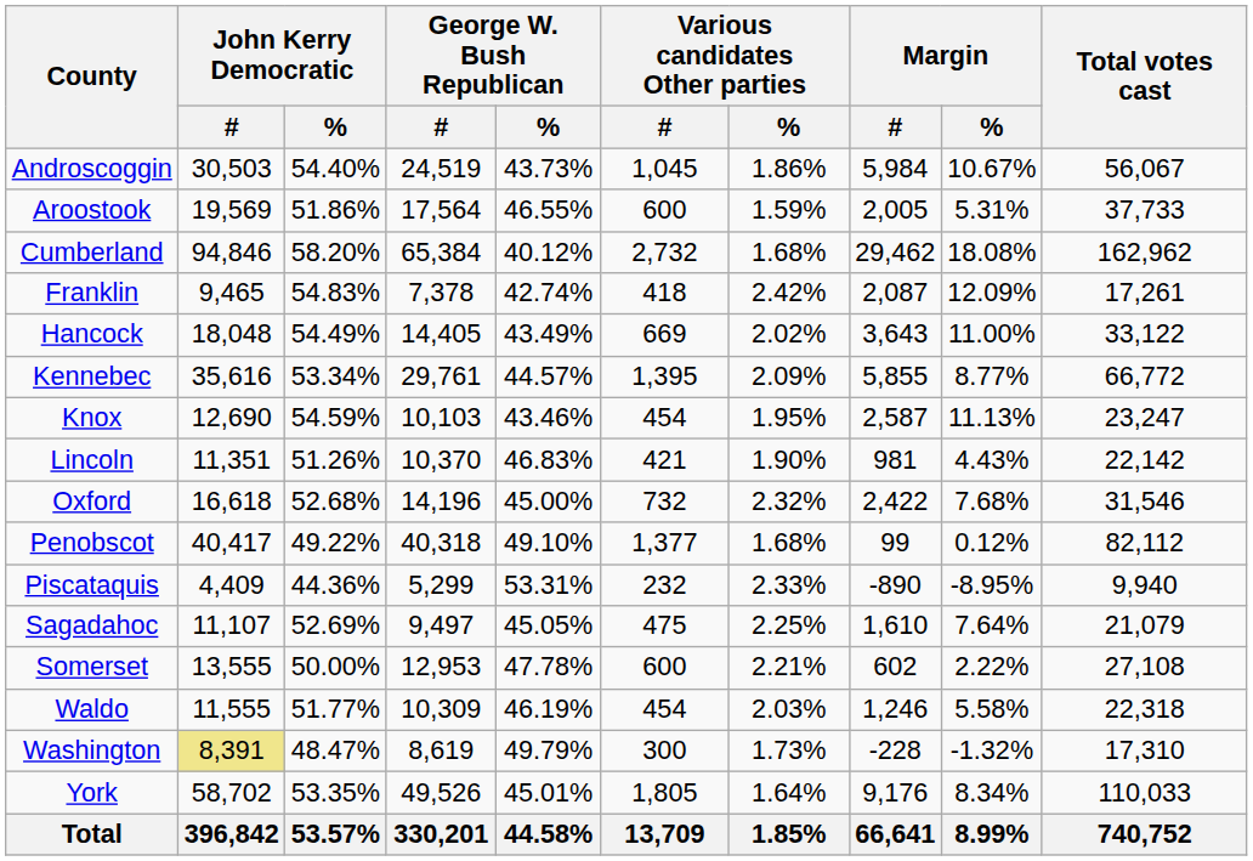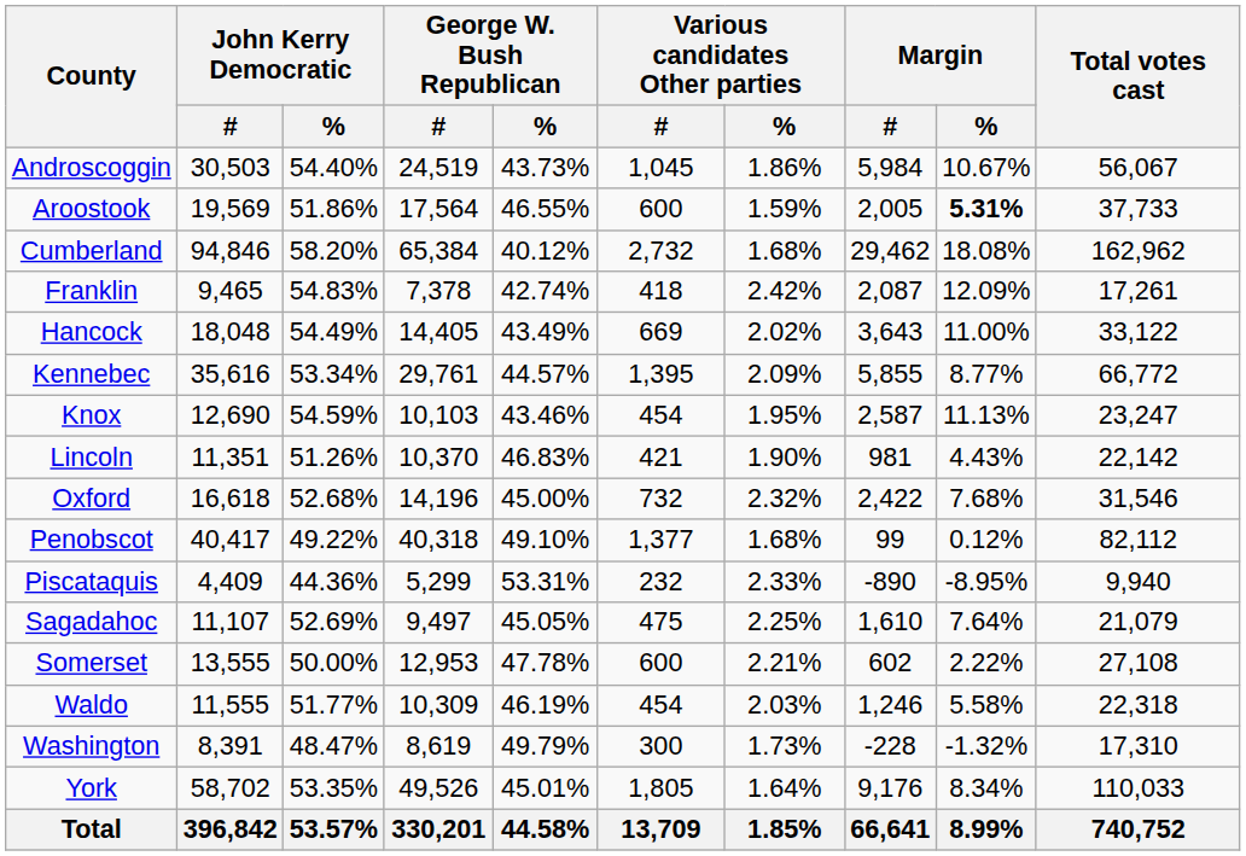 <table width="60%"  class="wikitable sortable" style="text-align:center">
 <tr>
 <th style="text-align:center;" rowspan="2">County</th>
 <th style="text-align:center;" colspan="2">John Kerry<br>Democratic</th>
 <th style="text-align:center;" colspan="2">George W. Bush<br>Republican</th>
 <th style="text-align:center;" colspan="2">Various candidates<br>Other parties</th>
 <th style="text-align:center;" colspan="2">Margin</th>
 <th style="text-align:center;" rowspan="2">Total votes cast</th>
 </tr>
 <tr>
 <th style="text-align:center;" data-sort-type="number">#</th>
 <th style="text-align:center;" data-sort-type="number">%</th>
 <th style="text-align:center;" data-sort-type="number">#</th>
 <th style="text-align:center;" data-sort-type="number">%</th>
 <th style="text-align:center;" data-sort-type="number">#</th>
 <th style="text-align:center;" data-sort-type="number">%</th>
 <th style="text-align:center;" data-sort-type="number">#</th>
 <th style="text-align:center;" data-sort-type="number">%</th>
 </tr>
 <tr style="text-align:center;">
 <td><a href='#'>Androscoggin</a></td>
 <td>30,503</td>
 <td>54.40%</td>
 <td>24,519</td>
 <td>43.73%</td>
 <td>1,045</td>
 <td>1.86%</td>
 <td>5,984</td>
 <td>10.67%</td>
 <td>56,067</td>
 </tr>
 <tr style="text-align:center;">
 <td><a href='#'>Aroostook</a></td>
 <td>19,569</td>
 <td>51.86%</td>
 <td>17,564</td>
 <td>46.55%</td>
 <td>600</td>
 <td>1.59%</td>
 <td>2,005</td>
-<td>5.31%</td>
+<td><strong>5.31%</strong></td>
 <td>37,733</td>
 </tr>
 <tr style="text-align:center;">
 <td><a href='#'>Cumberland</a></td>
 <td>94,846</td>
 <td>58.20%</td>
 <td>65,384</td>
 <td>40.12%</td>
 <td>2,732</td>
 <td>1.68%</td>
 <td>29,462</td>
 <td>18.08%</td>
 <td>162,962</td>
 </tr>
 <tr style="text-align:center;">
 <td><a href='#'>Franklin</a></td>
 <td>9,465</td>
 <td>54.83%</td>
 <td>7,378</td>
 <td>42.74%</td>
 <td>418</td>
 <td>2.42%</td>
 <td>2,087</td>
 <td>12.09%</td>
 <td>17,261</td>
 </tr>
 <tr style="text-align:center;">
 <td><a href='#'>Hancock</a></td>
 <td>18,048</td>
 <td>54.49%</td>
 <td>14,405</td>
 <td>43.49%</td>
 <td>669</td>
 <td>2.02%</td>
 <td>3,643</td>
 <td>11.00%</td>
 <td>33,122</td>
 </tr>
 <tr style="text-align:center;">
 <td><a href='#'>Kennebec</a></td>
 <td>35,616</td>
 <td>53.34%</td>
 <td>29,761</td>
 <td>44.57%</td>
 <td>1,395</td>
 <td>2.09%</td>
 <td>5,855</td>
 <td>8.77%</td>
 <td>66,772</td>
 </tr>
 <tr style="text-align:center;">
 <td><a href='#'>Knox</a></td>
 <td>12,690</td>
 <td>54.59%</td>
 <td>10,103</td>
 <td>43.46%</td>
 <td>454</td>
 <td>1.95%</td>
 <td>2,587</td>
 <td>11.13%</td>
 <td>23,247</td>
 </tr>
 <tr style="text-align:center;">
 <td><a href='#'>Lincoln</a></td>
 <td>11,351</td>
 <td>51.26%</td>
 <td>10,370</td>
 <td>46.83%</td>
 <td>421</td>
 <td>1.90%</td>
 <td>981</td>
 <td>4.43%</td>
 <td>22,142</td>
 </tr>
 <tr style="text-align:center;">
 <td><a href='#'>Oxford</a></td>
 <td>16,618</td>
 <td>52.68%</td>
 <td>14,196</td>
 <td>45.00%</td>
 <td>732</td>
 <td>2.32%</td>
 <td>2,422</td>
 <td>7.68%</td>
 <td>31,546</td>
 </tr>
 <tr style="text-align:center;">
 <td><a href='#'>Penobscot</a></td>
 <td>40,417</td>
 <td>49.22%</td>
 <td>40,318</td>
 <td>49.10%</td>
 <td>1,377</td>
 <td>1.68%</td>
 <td>99</td>
 <td>0.12%</td>
 <td>82,112</td>
 </tr>
 <tr style="text-align:center;">
 <td><a href='#'>Piscataquis</a></td>
 <td>4,409</td>
 <td>44.36%</td>
 <td>5,299</td>
 <td>53.31%</td>
 <td>232</td>
 <td>2.33%</td>
 <td>-890</td>
 <td>-8.95%</td>
 <td>9,940</td>
 </tr>
 <tr style="text-align:center;">
 <td><a href='#'>Sagadahoc</a></td>
 <td>11,107</td>
 <td>52.69%</td>
 <td>9,497</td>
 <td>45.05%</td>
 <td>475</td>
 <td>2.25%</td>
 <td>1,610</td>
 <td>7.64%</td>
 <td>21,079</td>
 </tr>
 <tr style="text-align:center;">
 <td><a href='#'>Somerset</a></td>
 <td>13,555</td>
 <td>50.00%</td>
 <td>12,953</td>
 <td>47.78%</td>
 <td>600</td>
 <td>2.21%</td>
 <td>602</td>
 <td>2.22%</td>
 <td>27,108</td>
 </tr>
 <tr style="text-align:center;">
 <td><a href='#'>Waldo</a></td>
 <td>11,555</td>
 <td>51.77%</td>
 <td>10,309</td>
 <td>46.19%</td>
 <td>454</td>
 <td>2.03%</td>
 <td>1,246</td>
 <td>5.58%</td>
 <td>22,318</td>
 </tr>
 <tr style="text-align:center;">
 <td><a href='#'>Washington</a></td>
-<td style="background: khaki;">8,391</td>
+<td>8,391</td>
 <td>48.47%</td>
 <td>8,619</td>
 <td>49.79%</td>
 <td>300</td>
 <td>1.73%</td>
 <td>-228</td>
 <td>-1.32%</td>
 <td>17,310</td>
 </tr>
 <tr style="text-align:center;">
 <td><a href='#'>York</a></td>
 <td>58,702</td>
 <td>53.35%</td>
 <td>49,526</td>
 <td>45.01%</td>
 <td>1,805</td>
 <td>1.64%</td>
 <td>9,176</td>
 <td>8.34%</td>
 <td>110,033</td>
 </tr>
 <tr>
 <th>Total</th>
 <th>396,842</th>
 <th>53.57%</th>
 <th>330,201</th>
 <th>44.58%</th>
 <th>13,709</th>
 <th>1.85%</th>
 <th>66,641</th>
 <th>8.99%</th>
 <th>740,752</th>
 </tr>
 </table>
